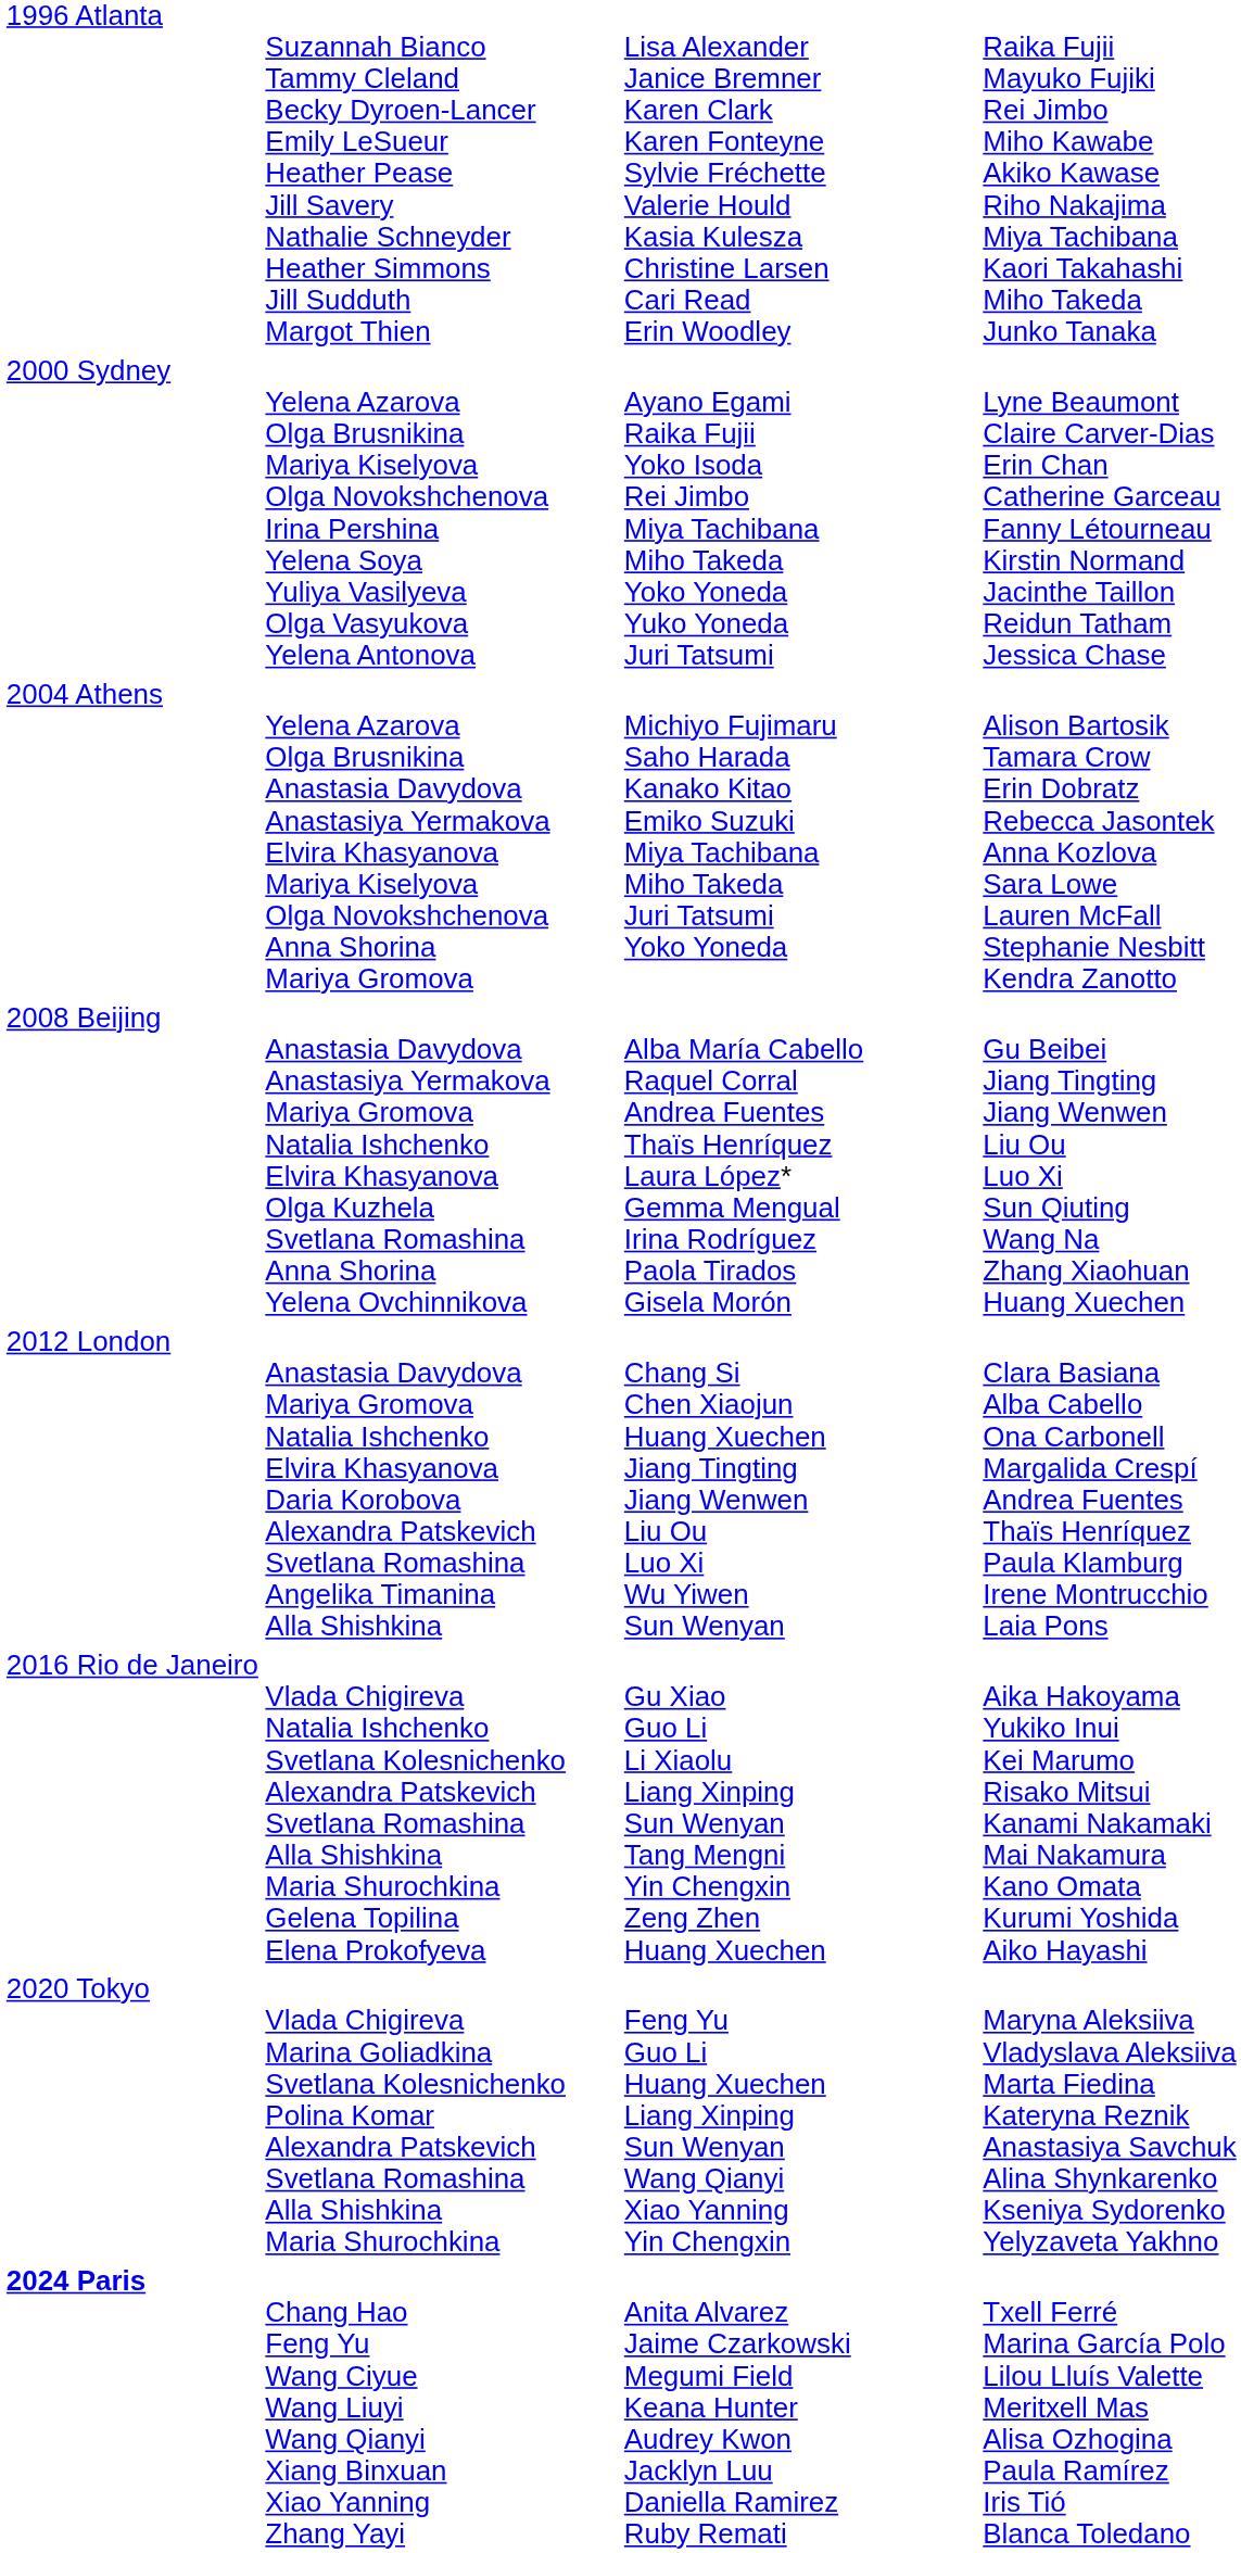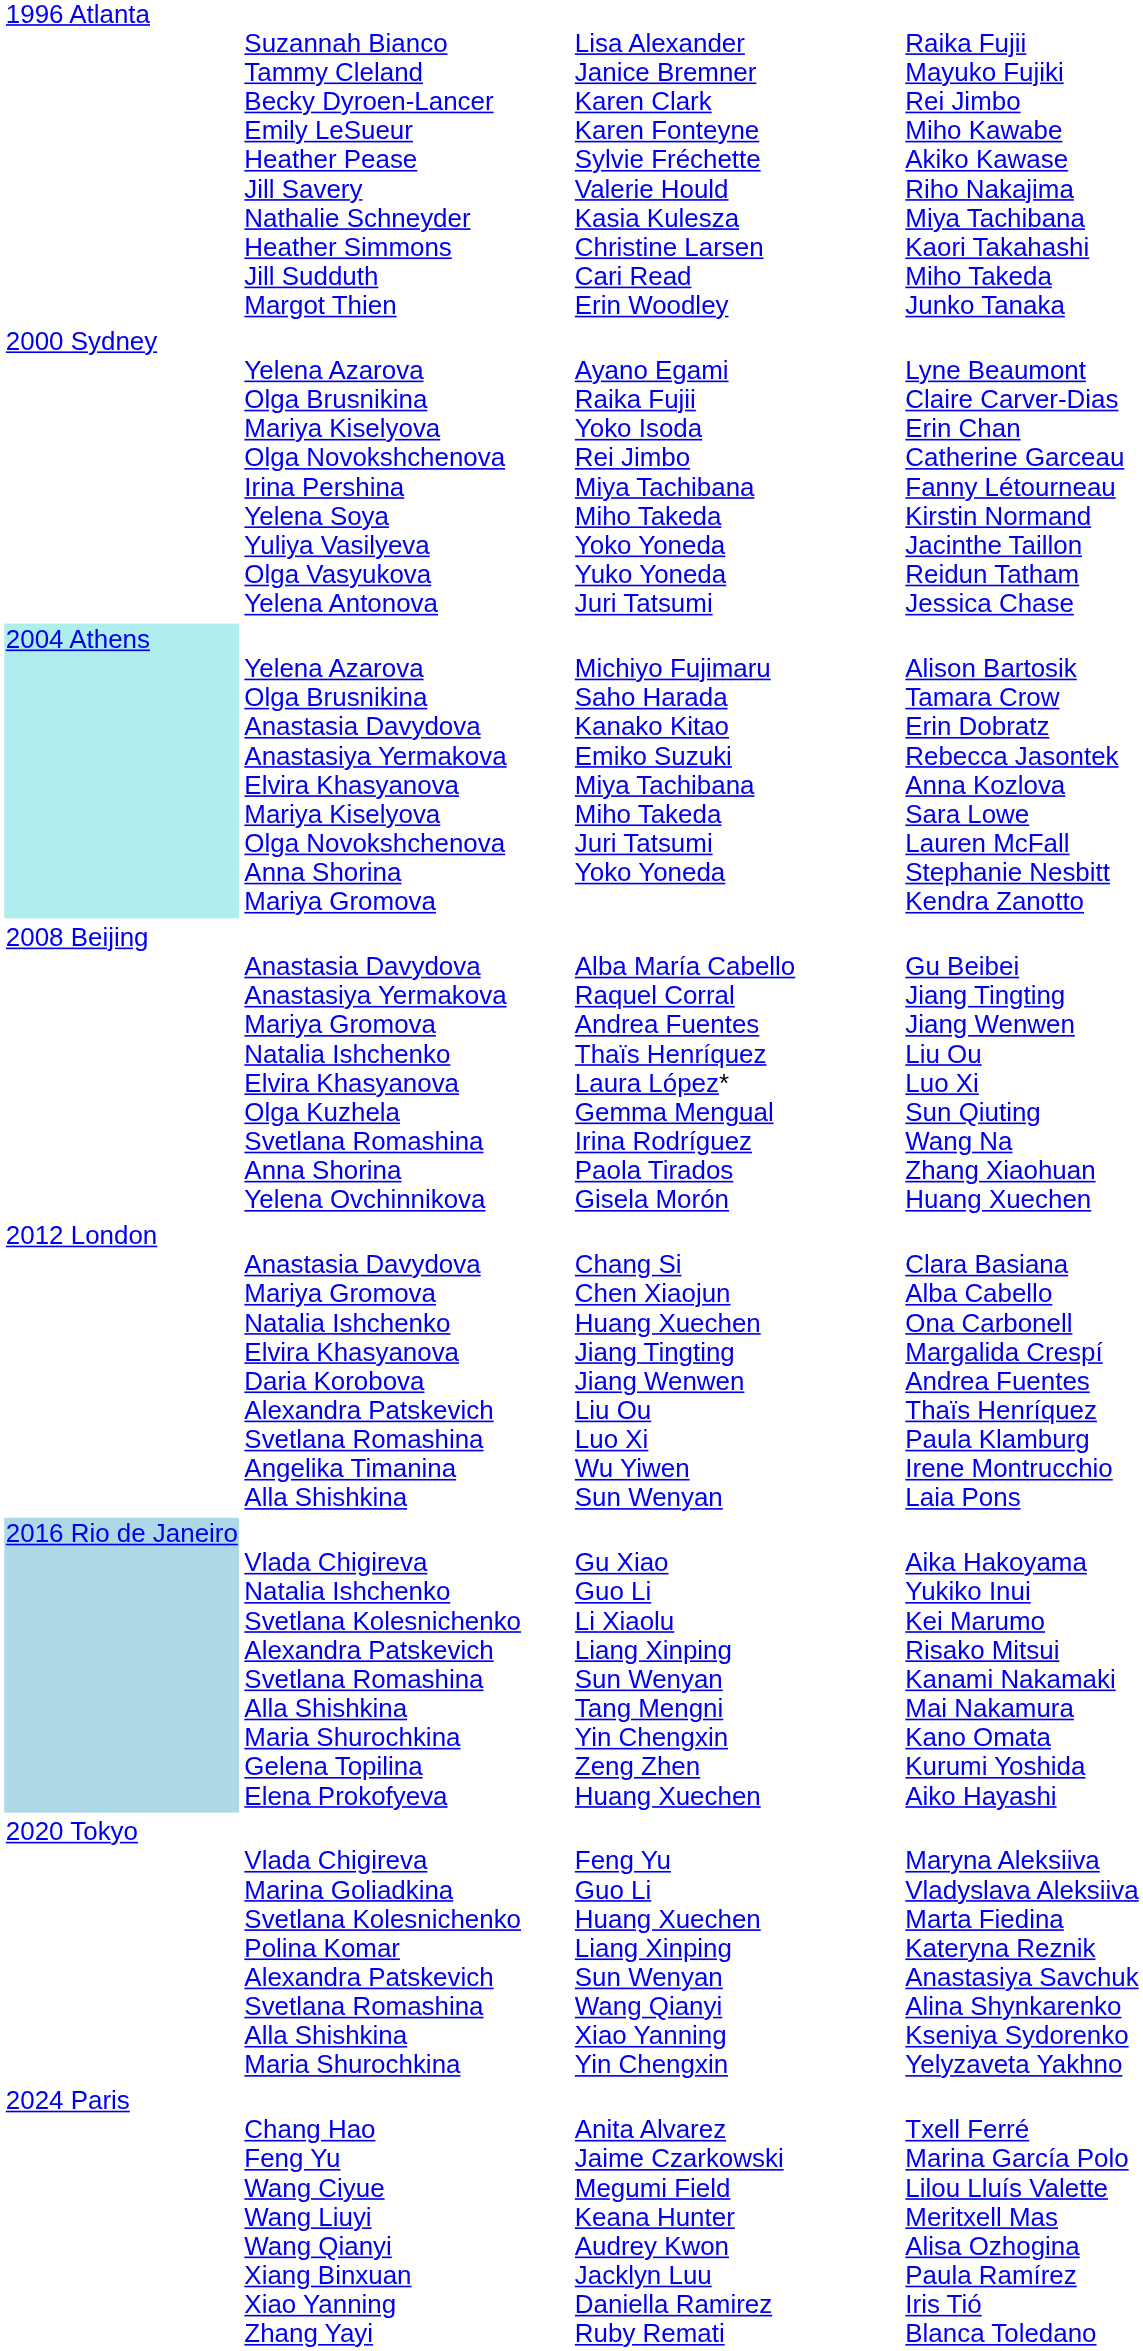 <table>
 <tr valign="top">
 <td><a href='#'>1996 Atlanta</a><br></td>
 <td><br><a href='#'>Suzannah Bianco</a><br><a href='#'>Tammy Cleland</a><br><a href='#'>Becky Dyroen-Lancer</a><br><a href='#'>Emily LeSueur</a><br><a href='#'>Heather Pease</a><br><a href='#'>Jill Savery</a><br><a href='#'>Nathalie Schneyder</a><br><a href='#'>Heather Simmons</a><br><a href='#'>Jill Sudduth</a><br><a href='#'>Margot Thien</a></td>
 <td><br><a href='#'>Lisa Alexander</a><br><a href='#'>Janice Bremner</a><br><a href='#'>Karen Clark</a><br><a href='#'>Karen Fonteyne</a><br><a href='#'>Sylvie Fréchette</a><br><a href='#'>Valerie Hould</a><br><a href='#'>Kasia Kulesza</a><br><a href='#'>Christine Larsen</a><br><a href='#'>Cari Read</a><br><a href='#'>Erin Woodley</a></td>
 <td><br><a href='#'>Raika Fujii</a><br><a href='#'>Mayuko Fujiki</a><br><a href='#'>Rei Jimbo</a><br><a href='#'>Miho Kawabe</a><br><a href='#'>Akiko Kawase</a><br><a href='#'>Riho Nakajima</a><br><a href='#'>Miya Tachibana</a><br><a href='#'>Kaori Takahashi</a><br><a href='#'>Miho Takeda</a><br><a href='#'>Junko Tanaka</a></td>
 </tr>
 <tr valign="top">
 <td><a href='#'>2000 Sydney</a><br></td>
 <td><br><a href='#'>Yelena Azarova</a><br><a href='#'>Olga Brusnikina</a><br><a href='#'>Mariya Kiselyova</a><br><a href='#'>Olga Novokshchenova</a><br><a href='#'>Irina Pershina</a><br><a href='#'>Yelena Soya</a><br><a href='#'>Yuliya Vasilyeva</a><br><a href='#'>Olga Vasyukova</a><br><a href='#'>Yelena Antonova</a></td>
 <td><br><a href='#'>Ayano Egami</a><br><a href='#'>Raika Fujii</a><br><a href='#'>Yoko Isoda</a><br><a href='#'>Rei Jimbo</a><br><a href='#'>Miya Tachibana</a><br><a href='#'>Miho Takeda</a><br><a href='#'>Yoko Yoneda</a><br><a href='#'>Yuko Yoneda</a><br><a href='#'>Juri Tatsumi</a></td>
 <td><br><a href='#'>Lyne Beaumont</a><br><a href='#'>Claire Carver-Dias</a><br><a href='#'>Erin Chan</a><br><a href='#'>Catherine Garceau</a><br><a href='#'>Fanny Létourneau</a><br><a href='#'>Kirstin Normand</a><br><a href='#'>Jacinthe Taillon</a><br><a href='#'>Reidun Tatham</a><br><a href='#'>Jessica Chase</a></td>
 </tr>
 <tr valign="top">
-<td><a href='#'>2004 Athens</a><br></td>
+<td style="background: paleturquoise;"><a href='#'>2004 Athens</a><br></td>
 <td><br><a href='#'>Yelena Azarova</a><br><a href='#'>Olga Brusnikina</a><br><a href='#'>Anastasia Davydova</a><br><a href='#'>Anastasiya Yermakova</a><br><a href='#'>Elvira Khasyanova</a><br><a href='#'>Mariya Kiselyova</a><br><a href='#'>Olga Novokshchenova</a><br><a href='#'>Anna Shorina</a><br><a href='#'>Mariya Gromova</a></td>
 <td><br><a href='#'>Michiyo Fujimaru</a><br><a href='#'>Saho Harada</a><br><a href='#'>Kanako Kitao</a><br><a href='#'>Emiko Suzuki</a><br><a href='#'>Miya Tachibana</a><br><a href='#'>Miho Takeda</a><br><a href='#'>Juri Tatsumi</a><br><a href='#'>Yoko Yoneda</a></td>
 <td><br><a href='#'>Alison Bartosik</a><br><a href='#'>Tamara Crow</a><br><a href='#'>Erin Dobratz</a><br><a href='#'>Rebecca Jasontek</a><br><a href='#'>Anna Kozlova</a><br><a href='#'>Sara Lowe</a><br><a href='#'>Lauren McFall</a><br><a href='#'>Stephanie Nesbitt</a><br><a href='#'>Kendra Zanotto</a></td>
 </tr>
 <tr valign="top">
 <td><a href='#'>2008 Beijing</a><br></td>
 <td width=200 valign=top><br><a href='#'>Anastasia Davydova</a><br><a href='#'>Anastasiya Yermakova</a><br><a href='#'>Mariya Gromova</a><br><a href='#'>Natalia Ishchenko</a><br><a href='#'>Elvira Khasyanova</a><br><a href='#'>Olga Kuzhela</a><br><a href='#'>Svetlana Romashina</a><br><a href='#'>Anna Shorina</a><br><a href='#'>Yelena Ovchinnikova</a></td>
 <td width=200 valign=top><br><a href='#'>Alba María Cabello</a><br><a href='#'>Raquel Corral</a><br><a href='#'>Andrea Fuentes</a><br><a href='#'>Thaïs Henríquez</a><br><a href='#'>Laura López</a>*<br><a href='#'>Gemma Mengual</a><br><a href='#'>Irina Rodríguez</a><br><a href='#'>Paola Tirados</a><br><a href='#'>Gisela Morón</a></td>
 <td width=200 valign=top><br><a href='#'>Gu Beibei</a><br><a href='#'>Jiang Tingting</a><br><a href='#'>Jiang Wenwen</a><br><a href='#'>Liu Ou</a><br><a href='#'>Luo Xi</a><br><a href='#'>Sun Qiuting</a><br><a href='#'>Wang Na</a><br><a href='#'>Zhang Xiaohuan</a><br><a href='#'>Huang Xuechen</a></td>
 </tr>
 <tr valign="top">
 <td><a href='#'>2012 London</a><br></td>
 <td width=200 valign=top><br><a href='#'>Anastasia Davydova</a><br><a href='#'>Mariya Gromova</a><br><a href='#'>Natalia Ishchenko</a><br><a href='#'>Elvira Khasyanova</a><br><a href='#'>Daria Korobova</a><br><a href='#'>Alexandra Patskevich</a><br><a href='#'>Svetlana Romashina</a><br><a href='#'>Angelika Timanina</a><br><a href='#'>Alla Shishkina</a></td>
 <td width=200 valign=top><br><a href='#'>Chang Si</a><br><a href='#'>Chen Xiaojun</a><br><a href='#'>Huang Xuechen</a><br><a href='#'>Jiang Tingting</a><br><a href='#'>Jiang Wenwen</a><br><a href='#'>Liu Ou</a><br><a href='#'>Luo Xi</a><br><a href='#'>Wu Yiwen</a><br><a href='#'>Sun Wenyan</a></td>
 <td width=200 valign=top><br><a href='#'>Clara Basiana</a><br><a href='#'>Alba Cabello</a><br><a href='#'>Ona Carbonell</a><br><a href='#'>Margalida Crespí</a><br><a href='#'>Andrea Fuentes</a><br><a href='#'>Thaïs Henríquez</a><br><a href='#'>Paula Klamburg</a><br><a href='#'>Irene Montrucchio</a><br><a href='#'>Laia Pons</a></td>
 </tr>
 <tr valign="top">
-<td><a href='#'>2016 Rio de Janeiro</a><br></td>
+<td style="background: lightblue;"><a href='#'>2016 Rio de Janeiro</a><br></td>
 <td><br><a href='#'>Vlada Chigireva</a><br><a href='#'>Natalia Ishchenko</a><br><a href='#'>Svetlana Kolesnichenko</a><br><a href='#'>Alexandra Patskevich</a><br><a href='#'>Svetlana Romashina</a><br><a href='#'>Alla Shishkina</a><br><a href='#'>Maria Shurochkina</a><br><a href='#'>Gelena Topilina</a><br><a href='#'>Elena Prokofyeva</a></td>
 <td><br><a href='#'>Gu Xiao</a><br><a href='#'>Guo Li</a><br><a href='#'>Li Xiaolu</a><br><a href='#'>Liang Xinping</a><br><a href='#'>Sun Wenyan</a><br><a href='#'>Tang Mengni</a><br><a href='#'>Yin Chengxin</a><br><a href='#'>Zeng Zhen</a><br><a href='#'>Huang Xuechen</a></td>
 <td><br><a href='#'>Aika Hakoyama</a><br><a href='#'>Yukiko Inui</a><br><a href='#'>Kei Marumo</a><br><a href='#'>Risako Mitsui</a><br><a href='#'>Kanami Nakamaki</a><br><a href='#'>Mai Nakamura</a><br><a href='#'>Kano Omata</a><br><a href='#'>Kurumi Yoshida</a><br><a href='#'>Aiko Hayashi</a></td>
 </tr>
 <tr valign="top">
 <td><a href='#'>2020 Tokyo</a><br></td>
 <td><br><a href='#'>Vlada Chigireva</a><br> <a href='#'>Marina Goliadkina</a><br> <a href='#'>Svetlana Kolesnichenko</a><br> <a href='#'>Polina Komar</a><br> <a href='#'>Alexandra Patskevich</a><br> <a href='#'>Svetlana Romashina</a><br> <a href='#'>Alla Shishkina</a><br> <a href='#'>Maria Shurochkina</a></td>
 <td><br><a href='#'>Feng Yu</a><br> <a href='#'>Guo Li</a><br> <a href='#'>Huang Xuechen</a><br> <a href='#'>Liang Xinping</a><br> <a href='#'>Sun Wenyan</a><br> <a href='#'>Wang Qianyi</a><br> <a href='#'>Xiao Yanning</a><br> <a href='#'>Yin Chengxin</a></td>
 <td><br><a href='#'>Maryna Aleksiiva</a><br> <a href='#'>Vladyslava Aleksiiva</a><br> <a href='#'>Marta Fiedina</a><br> <a href='#'>Kateryna Reznik</a><br> <a href='#'>Anastasiya Savchuk</a><br> <a href='#'>Alina Shynkarenko</a><br> <a href='#'>Kseniya Sydorenko</a><br> <a href='#'>Yelyzaveta Yakhno</a></td>
 </tr>
 <tr valign="top">
-<td><strong><a href='#'>2024 Paris</a><br></strong></td>
+<td><a href='#'>2024 Paris</a><br></td>
 <td><br><a href='#'>Chang Hao</a><br><a href='#'>Feng Yu</a><br><a href='#'>Wang Ciyue</a><br><a href='#'>Wang Liuyi</a><br><a href='#'>Wang Qianyi</a><br><a href='#'>Xiang Binxuan</a><br><a href='#'>Xiao Yanning</a><br><a href='#'>Zhang Yayi</a></td>
 <td><br><a href='#'>Anita Alvarez</a><br><a href='#'>Jaime Czarkowski</a><br><a href='#'>Megumi Field</a><br><a href='#'>Keana Hunter</a><br><a href='#'>Audrey Kwon</a><br><a href='#'>Jacklyn Luu</a><br><a href='#'>Daniella Ramirez</a><br><a href='#'>Ruby Remati</a></td>
 <td><br><a href='#'>Txell Ferré</a><br><a href='#'>Marina García Polo</a><br><a href='#'>Lilou Lluís Valette</a><br><a href='#'>Meritxell Mas</a><br><a href='#'>Alisa Ozhogina</a><br><a href='#'>Paula Ramírez</a><br><a href='#'>Iris Tió</a><br><a href='#'>Blanca Toledano</a></td>
 </tr>
 </table>
